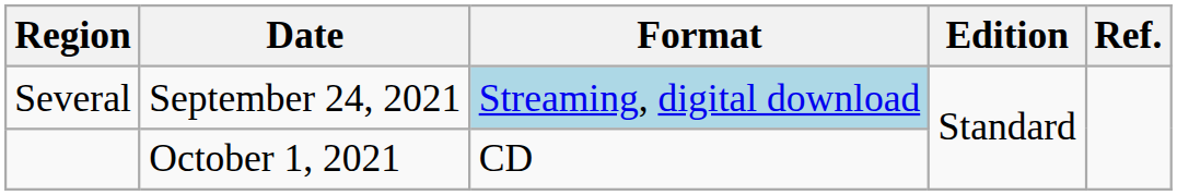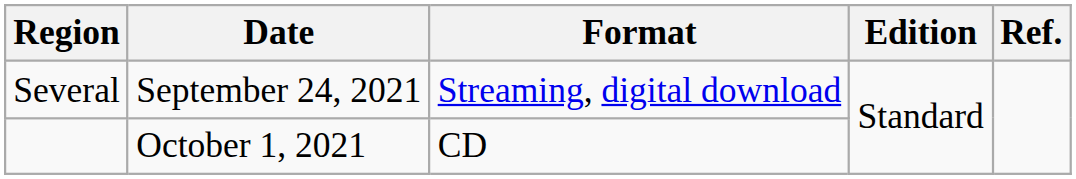 <table class="wikitable">
 <tr>
 <th>Region</th>
 <th>Date</th>
 <th>Format</th>
 <th>Edition</th>
 <th>Ref.</th>
 </tr>
 <tr>
 <td>Several</td>
 <td>September 24, 2021</td>
-<td style="background: lightblue;"><a href='#'>Streaming</a>, <a href='#'>digital download</a></td>
+<td><a href='#'>Streaming</a>, <a href='#'>digital download</a></td>
 <td rowspan="2">Standard</td>
 <td rowspan="2"></td>
 </tr>
 <tr>
 <td></td>
 <td>October 1, 2021</td>
 <td>CD</td>
 </tr>
 </table>
